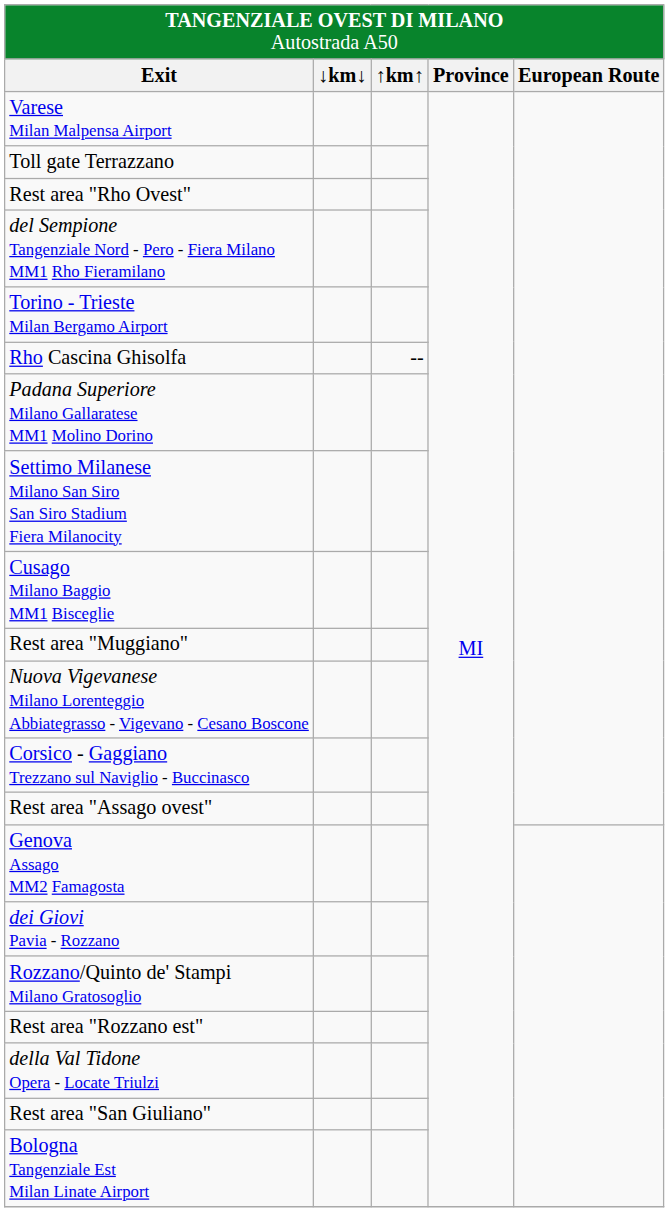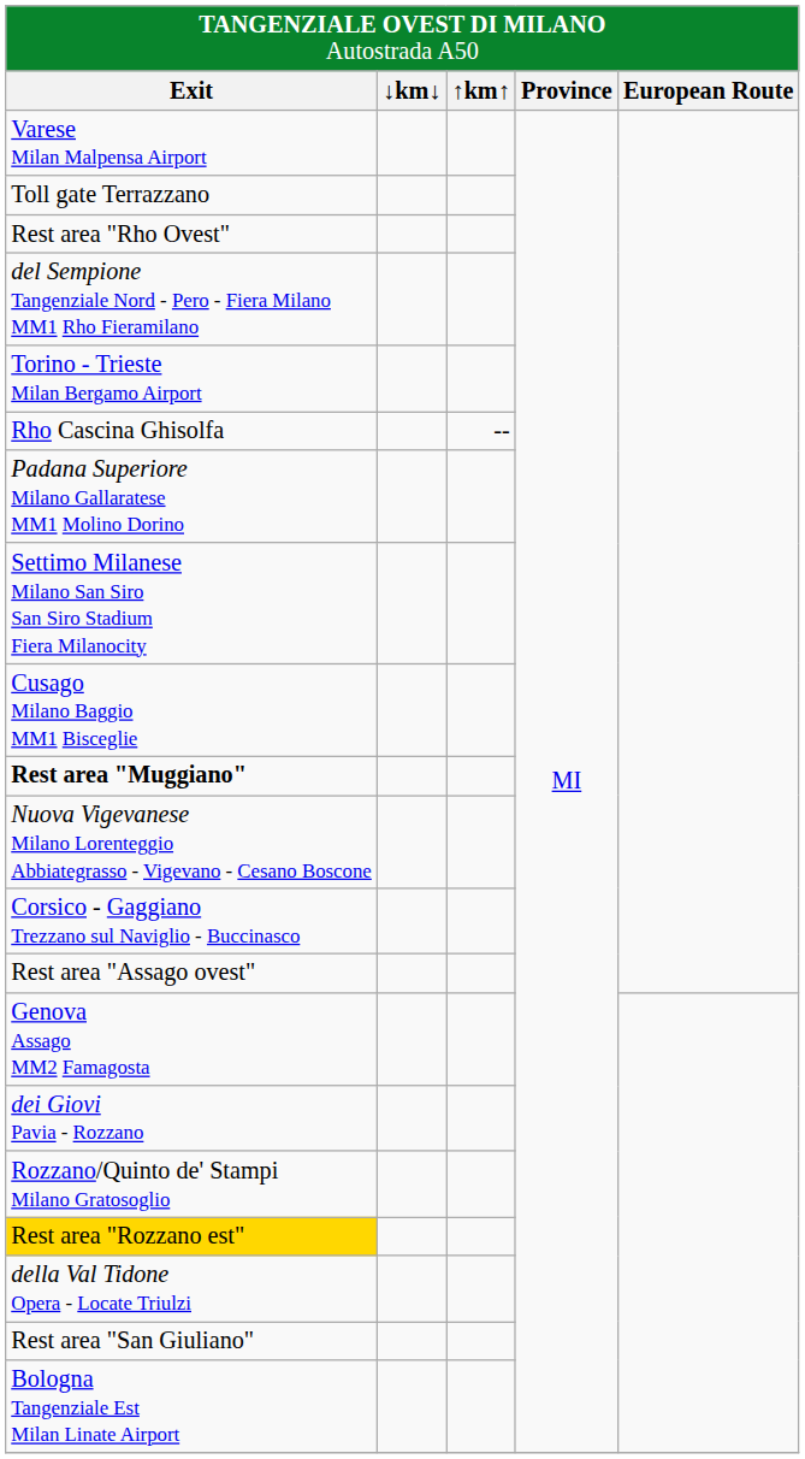 <table class="wikitable">
 <tr align="center" bgcolor="08842C" style="color: white;">
 <td colspan="5"><strong> TANGENZIALE OVEST DI MILANO</strong><br>Autostrada A50</td>
 </tr>
 <tr>
 <th style="text-align:center;"><strong>Exit</strong></th>
 <th style="text-align:center;"><strong>↓km↓</strong></th>
 <th style="text-align:center;"><strong>↑km↑</strong></th>
 <th align="center"><strong>Province</strong></th>
 <th align="center"><strong>European Route</strong></th>
 </tr>
 <tr>
 <td>  <a href='#'>Varese</a><br><small> <a href='#'>Milan Malpensa Airport</a></small></td>
 <td align="right"></td>
 <td align="right"></td>
 <td align="center" rowspan=20><a href='#'>MI</a></td>
 <td align="center" rowspan=13><br></td>
 </tr>
 <tr>
 <td> Toll gate Terrazzano</td>
 <td align="right"></td>
 <td align="right"></td>
 </tr>
 <tr>
 <td> Rest area "Rho Ovest"</td>
 <td align="right"></td>
 <td align="right"></td>
 </tr>
 <tr>
 <td> <em>del Sempione</em><br><small> <a href='#'>Tangenziale Nord</a> - <a href='#'>Pero</a> -  <a href='#'>Fiera Milano</a></small><br><small> <a href='#'>MM1</a> <a href='#'>Rho Fieramilano</a></small></td>
 <td align="right"></td>
 <td align="right"></td>
 </tr>
 <tr>
 <td>  <a href='#'>Torino - Trieste</a><br><small> <a href='#'>Milan Bergamo Airport</a></small></td>
 <td align="right"></td>
 <td align="right"></td>
 </tr>
 <tr>
 <td> <a href='#'>Rho</a> Cascina Ghisolfa</td>
 <td align="right"></td>
 <td align="right">--</td>
 </tr>
 <tr>
 <td>  <em>Padana Superiore</em><br><small> <a href='#'>Milano Gallaratese</a><br> <a href='#'>MM1</a> <a href='#'>Molino Dorino</a></small></td>
 <td align="right"></td>
 <td align="right"></td>
 </tr>
 <tr>
 <td> <a href='#'>Settimo Milanese</a><br><small> <a href='#'>Milano San Siro</a><br> <a href='#'>San Siro Stadium</a><br> <a href='#'>Fiera Milanocity</a></small></td>
 <td align="right"></td>
 <td align="right"></td>
 </tr>
 <tr>
 <td>  <a href='#'>Cusago</a><br><small> <a href='#'>Milano Baggio</a><br> <a href='#'>MM1</a> <a href='#'>Bisceglie</a></small></td>
 <td align="right"></td>
 <td align="right"></td>
 </tr>
 <tr>
-<td> Rest area "Muggiano"</td>
+<td><strong> Rest area "Muggiano"</strong></td>
 <td align="right"></td>
 <td align="right"></td>
 </tr>
 <tr>
 <td>  <em>Nuova Vigevanese</em><br><small> <a href='#'>Milano Lorenteggio</a></small><br><small><a href='#'>Abbiategrasso</a> - <a href='#'>Vigevano</a> - <a href='#'>Cesano Boscone</a></small></td>
 <td align="right"></td>
 <td align="right"></td>
 </tr>
 <tr>
 <td>  <a href='#'>Corsico</a> - <a href='#'>Gaggiano</a><br><small><a href='#'>Trezzano sul Naviglio</a> - <a href='#'>Buccinasco</a></small></td>
 <td align="right"></td>
 <td align="right"></td>
 </tr>
 <tr>
 <td> Rest area "Assago ovest"</td>
 <td align="right"></td>
 <td align="right"></td>
 </tr>
 <tr>
 <td>  <a href='#'>Genova</a><br><small><a href='#'>Assago</a><br> <a href='#'>MM2</a> <a href='#'>Famagosta</a></small></td>
 <td align="right"></td>
 <td align="right"></td>
 <td align="center" rowspan=7></td>
 </tr>
 <tr>
 <td>  <em><a href='#'>dei Giovi</a></em><br><small> <a href='#'>Pavia</a> - <a href='#'>Rozzano</a></small></td>
 <td align="right"></td>
 <td align="right"></td>
 </tr>
 <tr>
 <td> <a href='#'>Rozzano</a>/Quinto de' Stampi<br><small> <a href='#'>Milano Gratosoglio</a></small><br></td>
 <td align="right"></td>
 <td align="right"></td>
 </tr>
 <tr>
-<td> Rest area "Rozzano est"</td>
+<td style="background: gold;"> Rest area "Rozzano est"</td>
 <td align="right"></td>
 <td align="right"></td>
 </tr>
 <tr>
 <td>  <em>della Val Tidone</em><br><small><a href='#'>Opera</a> - <a href='#'>Locate Triulzi</a></small></td>
 <td align="right"></td>
 <td align="right"></td>
 </tr>
 <tr>
 <td> Rest area "San Giuliano"</td>
 <td align="right"></td>
 <td align="right"></td>
 </tr>
 <tr>
 <td>  <a href='#'>Bologna</a><br> <small><a href='#'>Tangenziale Est</a></small><br><small> <a href='#'>Milan Linate Airport</a></small></td>
 <td align="right"></td>
 <td align="right"></td>
 </tr>
 <tr>
 </tr>
 </table>
